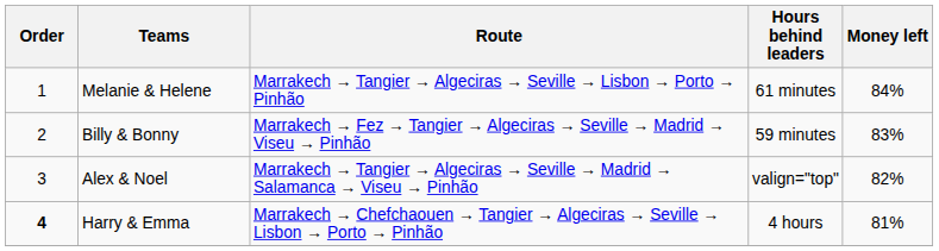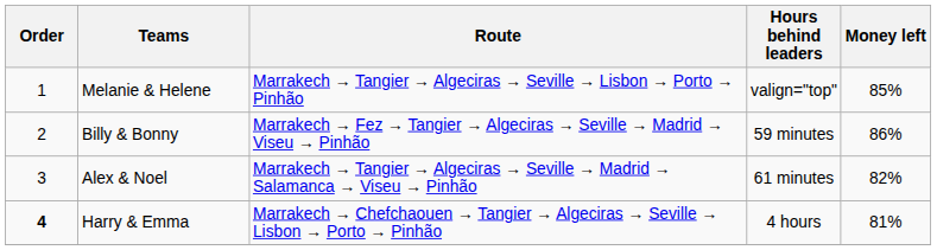 <table class="wikitable sortable" style="text-align:center">
 <tr>
 <th style="width:4em">Order</th>
 <th style="width:10em">Teams</th>
 <th style="width:30em">Route</th>
 <th style="width:5em">Hours behind leaders</th>
 <th style="width:5em">Money left</th>
 </tr>
 <tr>
 <td>1</td>
 <td style="text-align:left">Melanie & Helene</td>
 <td style="text-align:left"><a href='#'>Marrakech</a>   → <a href='#'>Tangier</a>  → <a href='#'>Algeciras</a>  → <a href='#'>Seville</a>  → <a href='#'>Lisbon</a>   → <a href='#'>Porto</a>  → <a href='#'>Pinhão</a></td>
-<td>61 minutes</td>
-<td>84%</td>
+<td>valign="top" </td>
+<td>85%</td>
 </tr>
 <tr>
 <td>2</td>
 <td style="text-align:left">Billy & Bonny</td>
 <td style="text-align:left"><a href='#'>Marrakech</a>  → <a href='#'>Fez</a>  → <a href='#'>Tangier</a>  → <a href='#'>Algeciras</a> → <a href='#'>Seville</a>  → <a href='#'>Madrid</a>   → <a href='#'>Viseu</a>   → <a href='#'>Pinhão</a></td>
 <td>59 minutes</td>
-<td>83%</td>
+<td>86%</td>
 </tr>
 <tr>
 <td>3</td>
 <td style="text-align:left">Alex & Noel</td>
 <td style="text-align:left"><a href='#'>Marrakech</a>   → <a href='#'>Tangier</a>  → <a href='#'>Algeciras</a>  → <a href='#'>Seville</a>   → <a href='#'>Madrid</a>  → <a href='#'>Salamanca</a>  → <a href='#'>Viseu</a>  → <a href='#'>Pinhão</a></td>
-<td>valign="top" </td>
+<td>61 minutes</td>
 <td>82%</td>
 </tr>
 <tr>
 <td><strong>4</strong></td>
 <td style="text-align:left">Harry & Emma</td>
 <td style="text-align:left"><a href='#'>Marrakech</a>  → <a href='#'>Chefchaouen</a>   → <a href='#'>Tangier</a>  → <a href='#'>Algeciras</a>  → <a href='#'>Seville</a>  → <a href='#'>Lisbon</a>  → <a href='#'>Porto</a>  → <a href='#'>Pinhão</a></td>
 <td>4 hours</td>
 <td>81%</td>
 </tr>
 <tr>
 </tr>
 </table>
